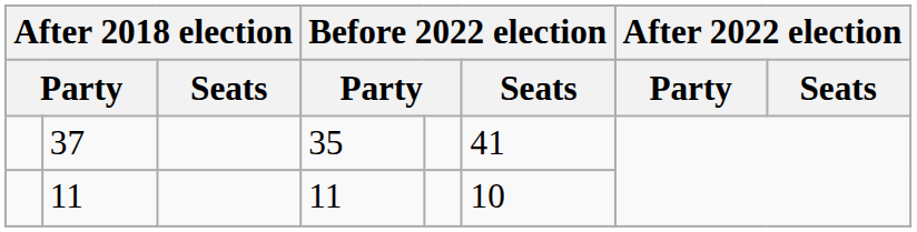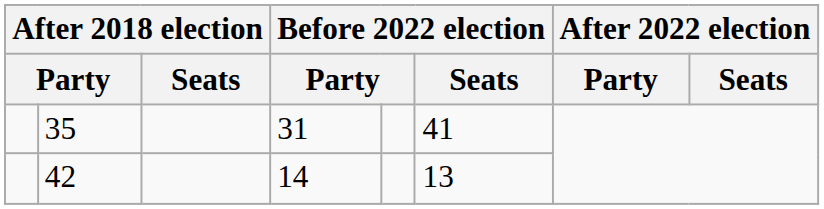 <table class="wikitable">
 <tr>
 <th colspan="3">After 2018 election</th>
 <th colspan="3">Before 2022 election</th>
 <th colspan="3">After 2022 election</th>
 </tr>
 <tr>
 <th colspan="2">Party</th>
 <th>Seats</th>
 <th colspan="2">Party</th>
 <th>Seats</th>
 <th colspan="2">Party</th>
 <th>Seats</th>
 </tr>
 <tr>
 <td></td>
-<td>37</td>
+<td>35</td>
 <td></td>
-<td>35</td>
+<td>31</td>
 <td></td>
 <td>41</td>
 </tr>
 <tr>
 <td></td>
-<td>11</td>
+<td>42</td>
 <td></td>
-<td>11</td>
+<td>14</td>
 <td></td>
-<td>10</td>
+<td>13</td>
 </tr>
 </table>
